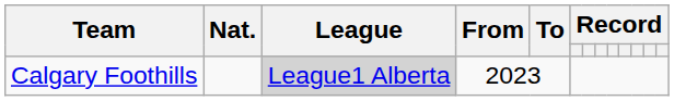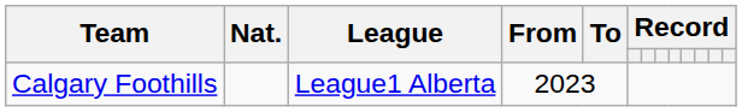 <table class="wikitable" style="text-align: center">
 <tr>
 <th rowspan=2>Team</th>
 <th rowspan=2>Nat.</th>
 <th rowspan=2>League</th>
 <th rowspan=2>From</th>
 <th rowspan=2>To</th>
 <th colspan=8>Record</th>
 </tr>
 <tr>
 <th></th>
 <th></th>
 <th></th>
 <th></th>
 <th></th>
 <th></th>
 <th></th>
 <th></th>
 </tr>
 <tr>
 <td align=left><a href='#'>Calgary Foothills</a></td>
 <td></td>
-<td style="background: lightgrey;"><a href='#'>League1 Alberta</a></td>
+<td><a href='#'>League1 Alberta</a></td>
 <td colspan=2>2023<br></td>
 </tr>
 </table>
